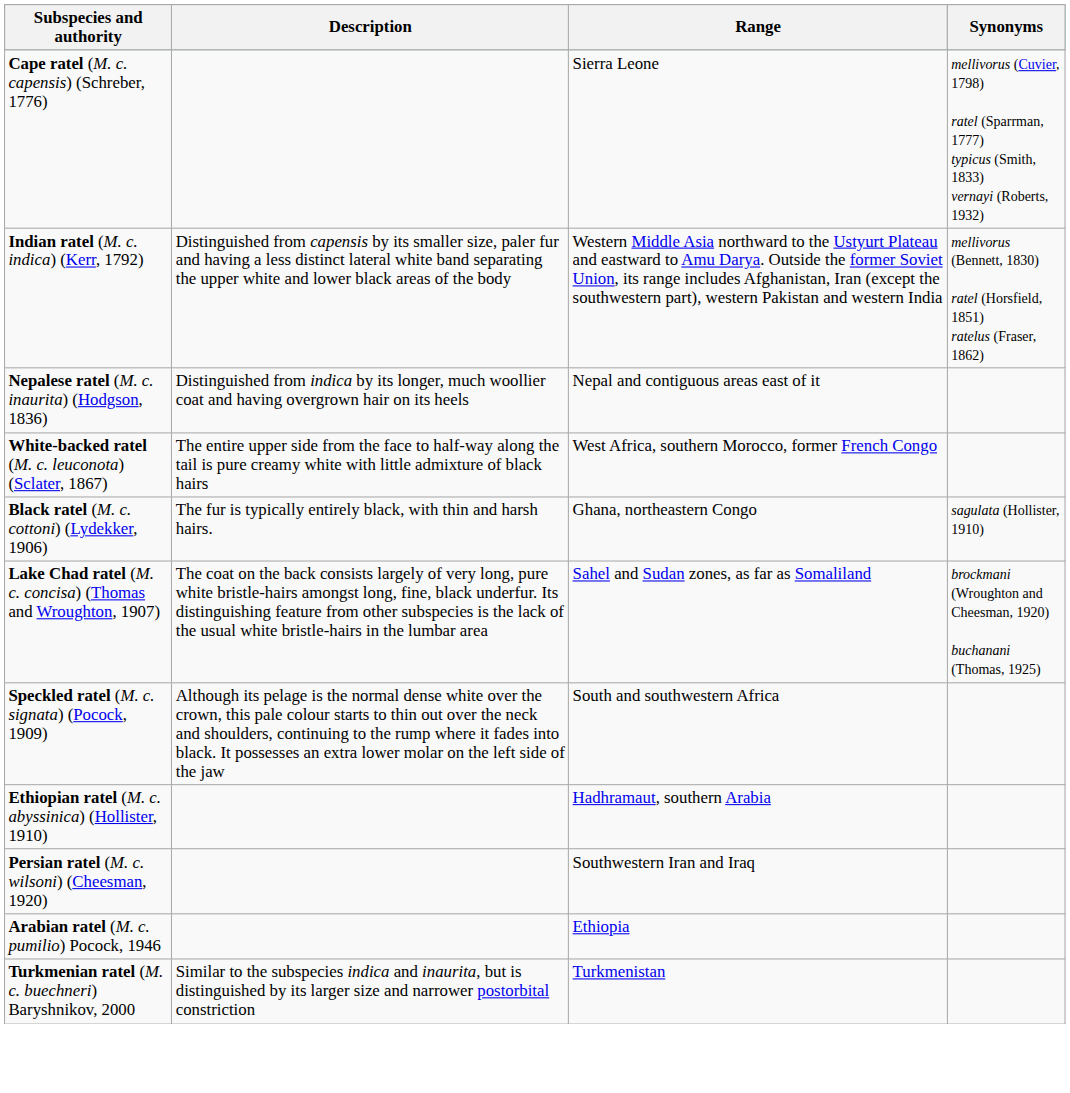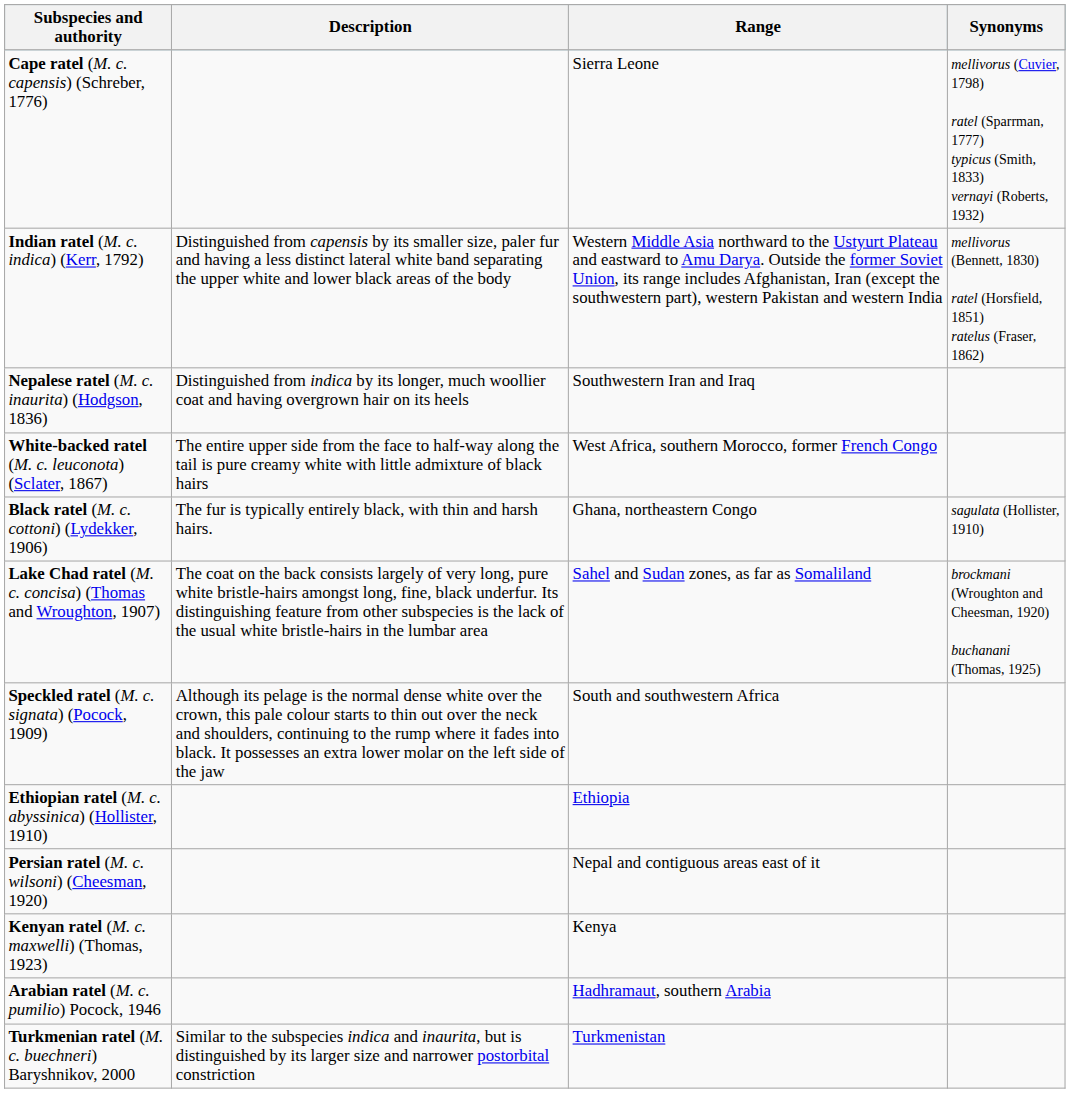 <table class="wikitable sortable"style="width:80%;">
 <tr style="background:#115a6c;">
 <th>Subspecies and authority</th>
 <th>Description</th>
 <th>Range</th>
 <th>Synonyms</th>
 </tr>
 <tr style="vertical-align:top;">
 <td><strong>Cape ratel</strong> (<em>M. c. capensis</em>) (Schreber, 1776)<br></td>
 <td></td>
 <td>Sierra Leone</td>
 <td><small><em>mellivorus</em> (<a href='#'>Cuvier</a>, 1798)</small><br><br><small><em>ratel</em> (Sparrman, 1777)</small><br> <small><em>typicus</em> (Smith, 1833)</small><br> <small><em>vernayi</em> (Roberts, 1932)</small></td>
 </tr>
 <tr style="vertical-align:top;">
 <td><strong>Indian ratel</strong> (<em>M. c. indica</em>) (<a href='#'>Kerr</a>, 1792)<br></td>
 <td>Distinguished from <em>capensis</em> by its smaller size, paler fur and having a less distinct lateral white band separating the upper white and lower black areas of the body</td>
 <td>Western <a href='#'>Middle Asia</a> northward to the <a href='#'>Ustyurt Plateau</a> and eastward to <a href='#'>Amu Darya</a>. Outside the <a href='#'>former Soviet Union</a>, its range includes Afghanistan, Iran (except the southwestern part), western Pakistan and western India</td>
 <td><small><em>mellivorus</em> (Bennett, 1830)</small><br><br><small><em>ratel</em> (Horsfield, 1851)</small><br> <small><em>ratelus</em> (Fraser, 1862)</small></td>
 </tr>
 <tr style="vertical-align:top;">
 <td><strong>Nepalese ratel</strong> (<em>M. c. inaurita</em>) (<a href='#'>Hodgson</a>, 1836)</td>
 <td>Distinguished from <em>indica</em> by its longer, much woollier coat and having overgrown hair on its heels</td>
-<td>Nepal and contiguous areas east of it</td>
+<td>Southwestern Iran and Iraq</td>
 <td></td>
 </tr>
 <tr style="vertical-align:top;">
 <td><strong>White-backed ratel</strong> (<em>M. c. leuconota</em>) (<a href='#'>Sclater</a>, 1867)</td>
 <td>The entire upper side from the face to half-way along the tail is pure creamy white with little admixture of black hairs</td>
 <td>West Africa, southern Morocco, former <a href='#'>French Congo</a></td>
 <td></td>
 </tr>
 <tr style="vertical-align:top;">
 <td><strong>Black ratel</strong> (<em>M. c. cottoni</em>) (<a href='#'>Lydekker</a>, 1906)<br></td>
 <td>The fur is typically entirely black, with thin and harsh hairs.</td>
 <td>Ghana, northeastern Congo</td>
 <td><small><em>sagulata</em> (Hollister, 1910)</small></td>
 </tr>
 <tr style="vertical-align:top;">
 <td><strong>Lake Chad ratel</strong> (<em>M. c. concisa</em>) (<a href='#'>Thomas</a> and <a href='#'>Wroughton</a>, 1907)</td>
 <td>The coat on the back consists largely of very long, pure white bristle-hairs amongst long, fine, black underfur. Its distinguishing feature from other subspecies is the lack of the usual white bristle-hairs in the lumbar area</td>
 <td><a href='#'>Sahel</a> and <a href='#'>Sudan</a> zones, as far as <a href='#'>Somaliland</a></td>
 <td><small><em>brockmani</em> (Wroughton and Cheesman, 1920)</small><br><br><small><em>buchanani</em> (Thomas, 1925)</small></td>
 </tr>
 <tr style="vertical-align:top;">
 <td><strong>Speckled ratel</strong> (<em>M. c. signata</em>) (<a href='#'>Pocock</a>, 1909)</td>
 <td>Although its pelage is the normal dense white over the crown, this pale colour starts to thin out over the neck and shoulders, continuing to the rump where it fades into black. It possesses an extra lower molar on the left side of the jaw</td>
 <td>South and southwestern Africa</td>
 <td></td>
 </tr>
 <tr style="vertical-align:top;">
 <td><strong>Ethiopian ratel</strong> (<em>M. c. abyssinica</em>) (<a href='#'>Hollister</a>, 1910)</td>
 <td></td>
-<td><a href='#'>Hadhramaut</a>, southern <a href='#'>Arabia</a></td>
+<td><a href='#'>Ethiopia</a></td>
 <td></td>
 </tr>
 <tr style="vertical-align:top;">
 <td><strong>Persian ratel</strong> (<em>M. c. wilsoni</em>) (<a href='#'>Cheesman</a>, 1920)</td>
 <td></td>
-<td>Southwestern Iran and Iraq</td>
+<td>Nepal and contiguous areas east of it</td>
+<td></td>
+</tr>
+<tr style="vertical-align:top;">
+<td><strong>Kenyan ratel</strong> (<em>M. c. maxwelli</em>) (Thomas, 1923)</td>
+<td></td>
+<td>Kenya</td>
 <td></td>
 </tr>
 <tr style="vertical-align:top;">
 <td><strong>Arabian ratel</strong> (<em>M. c. pumilio</em>) Pocock, 1946</td>
 <td></td>
-<td><a href='#'>Ethiopia</a></td>
+<td><a href='#'>Hadhramaut</a>, southern <a href='#'>Arabia</a></td>
 <td></td>
 </tr>
 <tr style="vertical-align:top;">
 <td><strong>Turkmenian ratel</strong> (<em>M. c. buechneri</em>) Baryshnikov, 2000</td>
 <td>Similar to the subspecies <em>indica</em> and <em>inaurita</em>, but is distinguished by its larger size and narrower <a href='#'>postorbital</a> constriction</td>
 <td><a href='#'>Turkmenistan</a></td>
 <td></td>
 </tr>
 </table>
